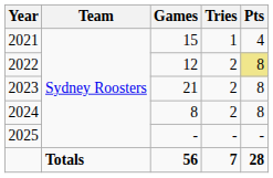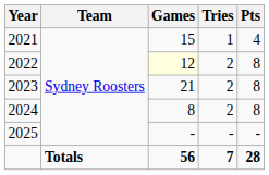 <table class="wikitable">
 <tr>
 <th>Year</th>
 <th>Team</th>
 <th>Games</th>
 <th>Tries</th>
 <th>Pts</th>
 </tr>
 <tr>
 <td align=center>2021</td>
 <td rowspan=5> <a href='#'>Sydney Roosters</a></td>
 <td align=right>15</td>
 <td align=right>1</td>
 <td align=right>4</td>
 </tr>
 <tr>
 <td align=center>2022</td>
-<td align=right>12</td>
+<td align=right style="background: lightyellow;">12</td>
 <td align=right>2</td>
-<td align=right style="background: khaki;">8</td>
+<td align=right>8</td>
 </tr>
 <tr>
 <td align=center>2023</td>
 <td align=right>21</td>
 <td align=right>2</td>
 <td align=right>8</td>
 </tr>
 <tr>
 <td align=center>2024</td>
 <td align=right>8</td>
 <td align=right>2</td>
 <td align=right>8</td>
 </tr>
 <tr>
 <td align=center>2025</td>
 <td align=right>-</td>
 <td align=right>-</td>
 <td align=right>-</td>
 </tr>
 <tr>
 <td></td>
 <td align=left><strong>Totals</strong></td>
 <td align=right><strong>56</strong></td>
 <td align=right><strong>7</strong></td>
 <td align=right><strong>28</strong></td>
 </tr>
 </table>
